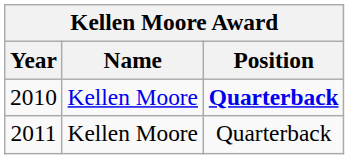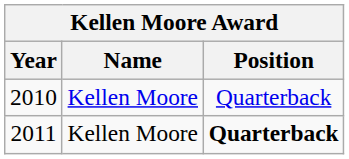 <table class="wikitable">
 <tr align="center">
 <th colspan=5>Kellen Moore Award</th>
 </tr>
 <tr>
 <th>Year</th>
 <th>Name</th>
 <th>Position</th>
 </tr>
 <tr align="center" bgcolor="">
 <td>2010</td>
 <td><a href='#'>Kellen Moore</a></td>
-<td><strong><a href='#'>Quarterback</a></strong></td>
+<td><a href='#'>Quarterback</a></td>
 </tr>
 <tr align="center" bgcolor="">
 <td>2011</td>
 <td>Kellen Moore</td>
-<td>Quarterback</td>
+<td><strong>Quarterback</strong></td>
 </tr>
 </table>
